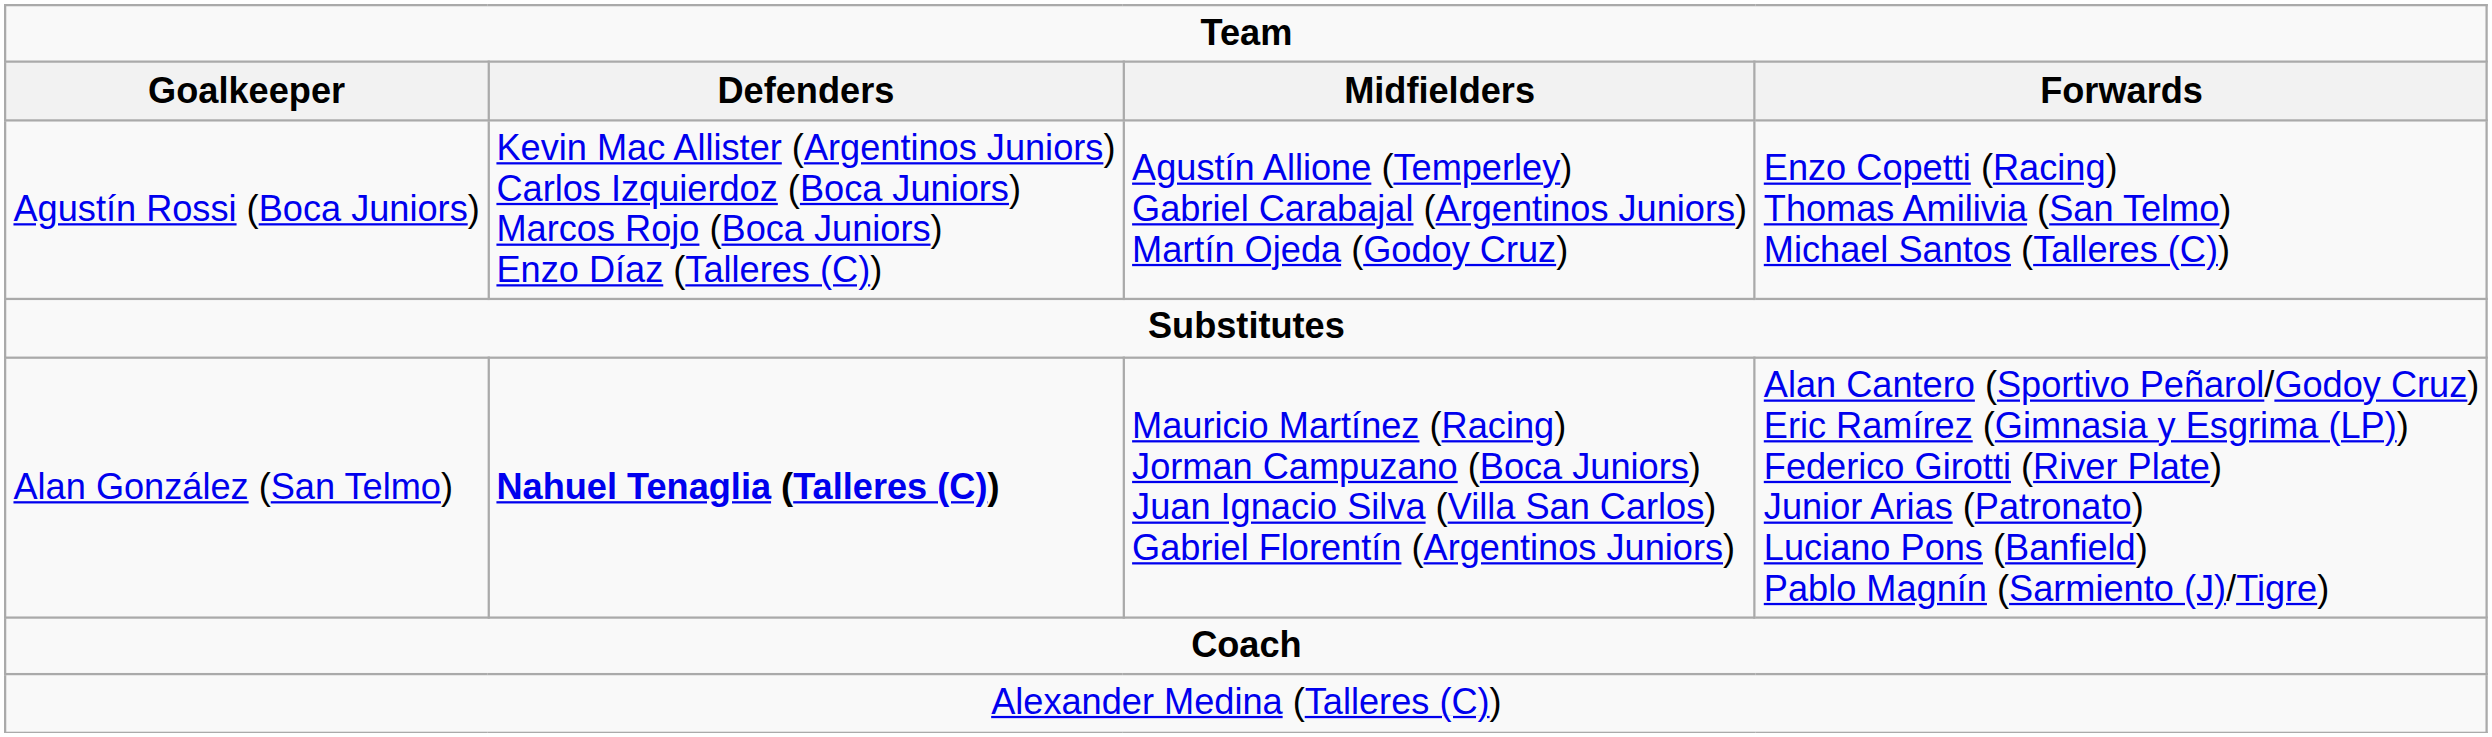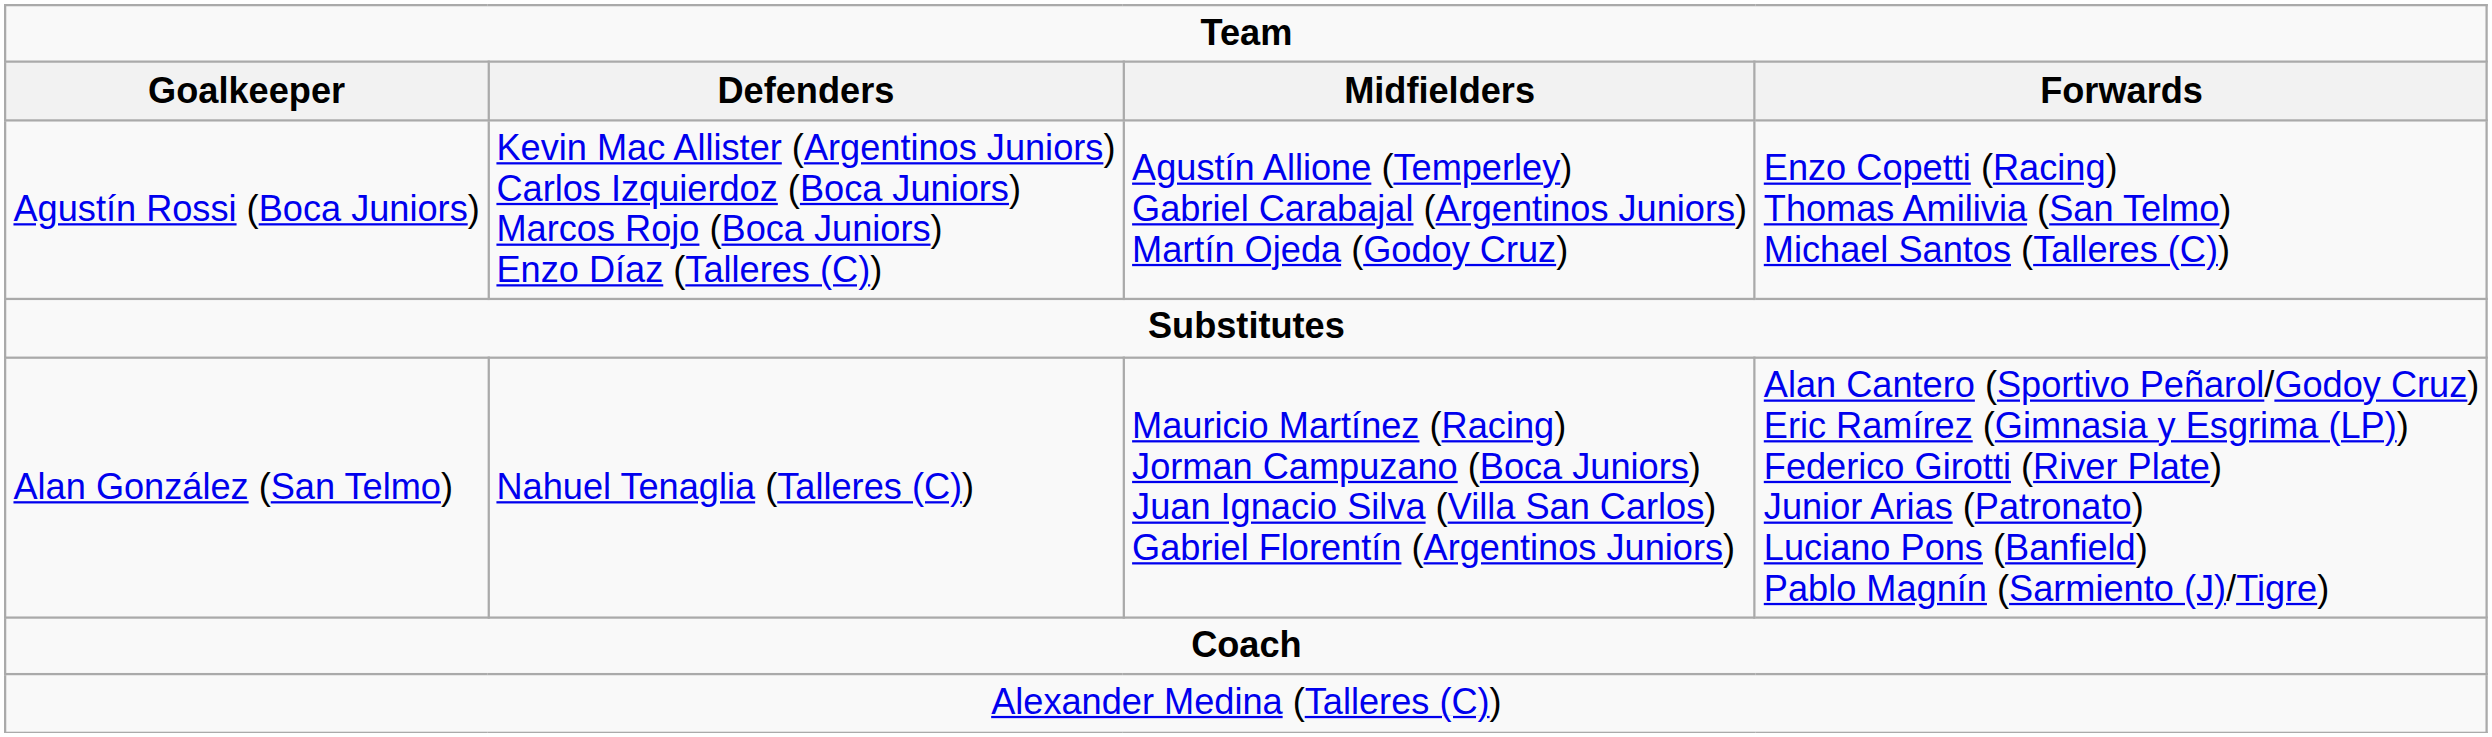 <table class=wikitable>
 <tr>
 <td colspan=4 align=center><strong>Team</strong></td>
 </tr>
 <tr>
 <th>Goalkeeper</th>
 <th>Defenders</th>
 <th>Midfielders</th>
 <th>Forwards</th>
 </tr>
 <tr>
 <td><a href='#'>Agustín Rossi</a> (<a href='#'>Boca Juniors</a>)</td>
 <td><a href='#'>Kevin Mac Allister</a> (<a href='#'>Argentinos Juniors</a>)<br><a href='#'>Carlos Izquierdoz</a> (<a href='#'>Boca Juniors</a>)<br><a href='#'>Marcos Rojo</a> (<a href='#'>Boca Juniors</a>)<br><a href='#'>Enzo Díaz</a> (<a href='#'>Talleres (C)</a>)</td>
 <td><a href='#'>Agustín Allione</a> (<a href='#'>Temperley</a>)<br><a href='#'>Gabriel Carabajal</a> (<a href='#'>Argentinos Juniors</a>)<br><a href='#'>Martín Ojeda</a> (<a href='#'>Godoy Cruz</a>)</td>
 <td><a href='#'>Enzo Copetti</a> (<a href='#'>Racing</a>)<br><a href='#'>Thomas Amilivia</a> (<a href='#'>San Telmo</a>)<br><a href='#'>Michael Santos</a> (<a href='#'>Talleres (C)</a>)</td>
 </tr>
 <tr>
 <td colspan=4 align=center><strong>Substitutes</strong></td>
 </tr>
 <tr>
 <td><a href='#'>Alan González</a> (<a href='#'>San Telmo</a>)</td>
-<td><strong><a href='#'>Nahuel Tenaglia</a> (<a href='#'>Talleres (C)</a>)</strong></td>
+<td><a href='#'>Nahuel Tenaglia</a> (<a href='#'>Talleres (C)</a>)</td>
 <td><a href='#'>Mauricio Martínez</a> (<a href='#'>Racing</a>)<br><a href='#'>Jorman Campuzano</a> (<a href='#'>Boca Juniors</a>)<br><a href='#'>Juan Ignacio Silva</a> (<a href='#'>Villa San Carlos</a>)<br><a href='#'>Gabriel Florentín</a> (<a href='#'>Argentinos Juniors</a>)</td>
 <td><a href='#'>Alan Cantero</a> (<a href='#'>Sportivo Peñarol</a>/<a href='#'>Godoy Cruz</a>)<br><a href='#'>Eric Ramírez</a> (<a href='#'>Gimnasia y Esgrima (LP)</a>)<br><a href='#'>Federico Girotti</a> (<a href='#'>River Plate</a>)<br><a href='#'>Junior Arias</a> (<a href='#'>Patronato</a>)<br><a href='#'>Luciano Pons</a> (<a href='#'>Banfield</a>)<br><a href='#'>Pablo Magnín</a> (<a href='#'>Sarmiento (J)</a>/<a href='#'>Tigre</a>)</td>
 </tr>
 <tr>
 <td colspan=4 align=center><strong>Coach</strong></td>
 </tr>
 <tr>
 <td colspan=4 align=center><a href='#'>Alexander Medina</a> (<a href='#'>Talleres (C)</a>)</td>
 </tr>
 </table>
